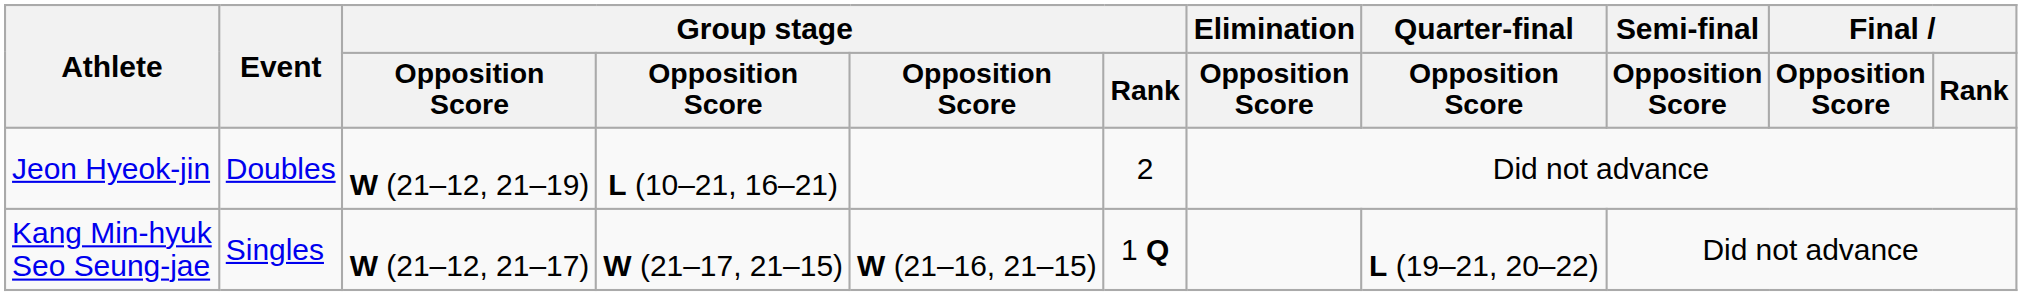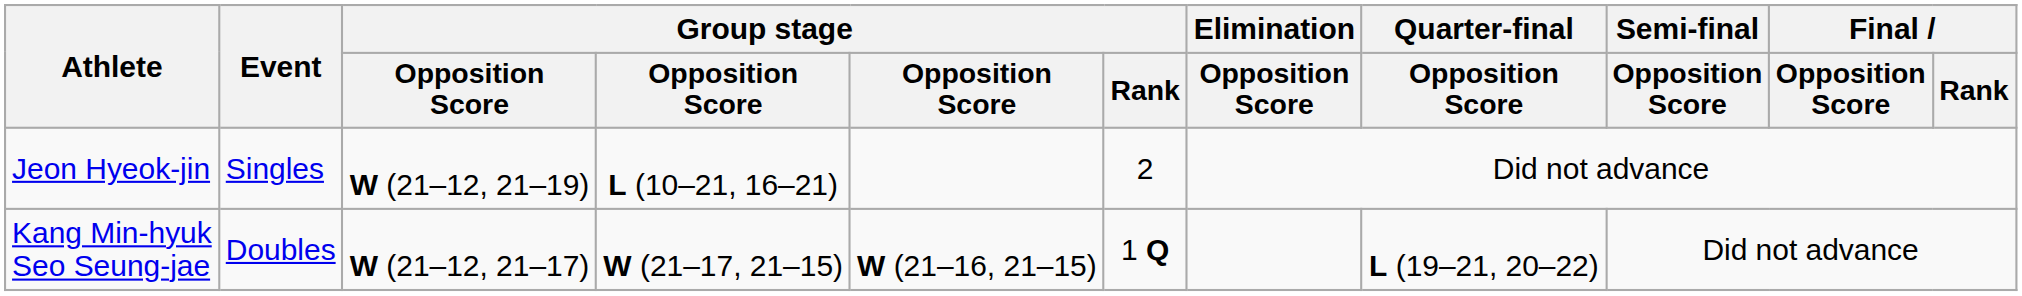 <table class="wikitable" style="font-size:90%">
 <tr>
 <th rowspan="2">Athlete</th>
 <th rowspan="2">Event</th>
 <th colspan="4">Group stage</th>
 <th>Elimination</th>
 <th>Quarter-final</th>
 <th>Semi-final</th>
 <th colspan="2">Final / </th>
 </tr>
 <tr style="font-size:95%">
 <th>Opposition<br>Score</th>
 <th>Opposition<br>Score</th>
 <th>Opposition<br>Score</th>
 <th>Rank</th>
 <th>Opposition<br>Score</th>
 <th>Opposition<br>Score</th>
 <th>Opposition<br>Score</th>
 <th>Opposition<br>Score</th>
 <th>Rank</th>
 </tr>
 <tr align="center">
 <td align="left"><a href='#'>Jeon Hyeok-jin</a></td>
-<td align="left"><a href='#'>Doubles</a></td>
+<td align="left"><a href='#'>Singles</a></td>
 <td><br><strong>W</strong> (21–12, 21–19)</td>
 <td><br><strong>L</strong> (10–21, 16–21)</td>
 <td></td>
 <td>2</td>
 <td colspan=5>Did not advance</td>
 </tr>
 <tr align="center">
 <td align="left"><a href='#'>Kang Min-hyuk</a><br><a href='#'>Seo Seung-jae</a></td>
-<td align="left"><a href='#'>Singles</a></td>
+<td align="left"><a href='#'>Doubles</a></td>
 <td><br><strong>W</strong> (21–12, 21–17)</td>
 <td><br><strong>W</strong> (21–17, 21–15)</td>
 <td><br><strong>W</strong> (21–16, 21–15)</td>
 <td>1 <strong>Q</strong></td>
 <td></td>
 <td><br><strong>L</strong> (19–21, 20–22)</td>
 <td colspan=4>Did not advance</td>
 </tr>
 </table>
